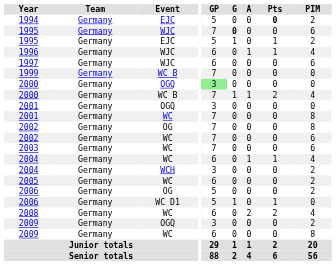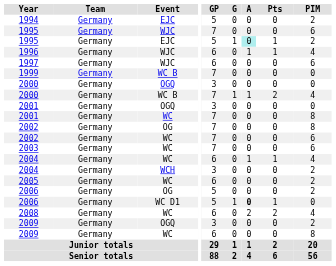 <table border="0" cellpadding="1" cellspacing="0" ID="Table3" style="text-align:center; width:40em">
 <tr ALIGN="center" bgcolor="#e0e0e0">
 <th>Year</th>
 <th>Team</th>
 <th>Event</th>
 <th rowspan="99" bgcolor="#ffffff"></th>
 <th>GP</th>
 <th>G</th>
 <th>A</th>
 <th>Pts</th>
 <th>PIM</th>
 </tr>
 <tr>
 <td><a href='#'>1994</a></td>
 <td><a href='#'>Germany</a></td>
 <td><a href='#'>EJC</a></td>
 <td>5</td>
 <td>0</td>
 <td>0</td>
-<td><strong>0</strong></td>
+<td>0</td>
 <td>2</td>
 </tr>
 <tr bgcolor="#f0f0f0">
 <td><a href='#'>1995</a></td>
 <td><a href='#'>Germany</a></td>
 <td><a href='#'>WJC</a></td>
 <td>7</td>
-<td><strong>0</strong></td>
+<td>0</td>
 <td>0</td>
 <td>0</td>
 <td>6</td>
 </tr>
 <tr>
 <td><a href='#'>1995</a></td>
 <td>Germany</td>
 <td>EJC</td>
 <td>5</td>
 <td>1</td>
-<td>0</td>
+<td style="background: paleturquoise;">0</td>
 <td>1</td>
 <td>2</td>
 </tr>
 <tr bgcolor="#f0f0f0">
 <td><a href='#'>1996</a></td>
 <td>Germany</td>
 <td>WJC</td>
 <td>6</td>
 <td>0</td>
 <td>1</td>
 <td>1</td>
 <td>4</td>
 </tr>
 <tr>
 <td><a href='#'>1997</a></td>
 <td>Germany</td>
 <td>WJC</td>
 <td>6</td>
 <td>0</td>
 <td>0</td>
 <td>0</td>
 <td>6</td>
 </tr>
 <tr bgcolor="#f0f0f0">
 <td><a href='#'>1999</a></td>
 <td><a href='#'>Germany</a></td>
 <td><a href='#'>WC B</a></td>
 <td>7</td>
 <td>0</td>
 <td>0</td>
 <td>0</td>
 <td>0</td>
 </tr>
 <tr>
 <td><a href='#'>2000</a></td>
 <td>Germany</td>
 <td><a href='#'>OGQ</a></td>
-<td style="background: lightgreen;">3</td>
+<td>3</td>
 <td>0</td>
 <td>0</td>
 <td>0</td>
 <td>0</td>
 </tr>
 <tr bgcolor="#f0f0f0">
 <td><a href='#'>2000</a></td>
 <td>Germany</td>
 <td>WC B</td>
 <td>7</td>
 <td>1</td>
 <td>1</td>
 <td>2</td>
 <td>4</td>
 </tr>
 <tr>
 <td><a href='#'>2001</a></td>
 <td>Germany</td>
 <td>OGQ</td>
 <td>3</td>
 <td>0</td>
 <td>0</td>
 <td>0</td>
 <td>0</td>
 </tr>
 <tr bgcolor="#f0f0f0">
 <td><a href='#'>2001</a></td>
 <td>Germany</td>
 <td><a href='#'>WC</a></td>
 <td>7</td>
 <td>0</td>
 <td>0</td>
 <td>0</td>
 <td>8</td>
 </tr>
 <tr>
 <td><a href='#'>2002</a></td>
 <td>Germany</td>
 <td>OG</td>
 <td>7</td>
 <td>0</td>
 <td>0</td>
 <td>0</td>
 <td>8</td>
 </tr>
 <tr bgcolor="#f0f0f0">
 <td><a href='#'>2002</a></td>
 <td>Germany</td>
 <td>WC</td>
 <td>7</td>
 <td>0</td>
 <td>0</td>
 <td>0</td>
 <td>6</td>
 </tr>
 <tr>
 <td><a href='#'>2003</a></td>
 <td>Germany</td>
 <td>WC</td>
 <td>7</td>
 <td>0</td>
 <td>0</td>
 <td>0</td>
 <td>6</td>
 </tr>
 <tr bgcolor="#f0f0f0">
 <td><a href='#'>2004</a></td>
 <td>Germany</td>
 <td>WC</td>
 <td>6</td>
 <td>0</td>
 <td>1</td>
 <td>1</td>
 <td>4</td>
 </tr>
 <tr>
 <td><a href='#'>2004</a></td>
 <td>Germany</td>
 <td><a href='#'>WCH</a></td>
 <td>3</td>
 <td>0</td>
 <td>0</td>
 <td>0</td>
 <td>2</td>
 </tr>
 <tr bgcolor="#f0f0f0">
 <td><a href='#'>2005</a></td>
 <td>Germany</td>
 <td>WC</td>
 <td>6</td>
 <td>0</td>
 <td>0</td>
 <td>0</td>
 <td>2</td>
 </tr>
 <tr>
 <td><a href='#'>2006</a></td>
 <td>Germany</td>
 <td>OG</td>
 <td>5</td>
 <td>0</td>
 <td>0</td>
 <td>0</td>
 <td>2</td>
 </tr>
 <tr bgcolor="#f0f0f0">
 <td><a href='#'>2006</a></td>
 <td>Germany</td>
 <td>WC D1</td>
 <td>5</td>
 <td>1</td>
-<td>0</td>
+<td><strong>0</strong></td>
 <td>1</td>
 <td>0</td>
 </tr>
 <tr>
 <td><a href='#'>2008</a></td>
 <td>Germany</td>
 <td>WC</td>
 <td>6</td>
 <td>0</td>
 <td>2</td>
 <td>2</td>
 <td>4</td>
 </tr>
 <tr bgcolor="#f0f0f0">
 <td><a href='#'>2009</a></td>
 <td>Germany</td>
 <td>OGQ</td>
 <td>3</td>
 <td>0</td>
 <td>0</td>
 <td>0</td>
 <td>2</td>
 </tr>
 <tr>
 <td><a href='#'>2009</a></td>
 <td>Germany</td>
 <td>WC</td>
 <td>6</td>
 <td>0</td>
 <td>0</td>
 <td>0</td>
 <td>8</td>
 </tr>
 <tr style="background: #e0e0e0;">
 <th colspan="3">Junior totals</th>
 <th>29</th>
 <th>1</th>
 <th>1</th>
 <th>2</th>
 <th>20</th>
 </tr>
 <tr style="background: #e0e0e0;">
 <th colspan="3">Senior totals</th>
 <th>88</th>
 <th>2</th>
 <th>4</th>
 <th>6</th>
 <th>56</th>
 </tr>
 </table>
